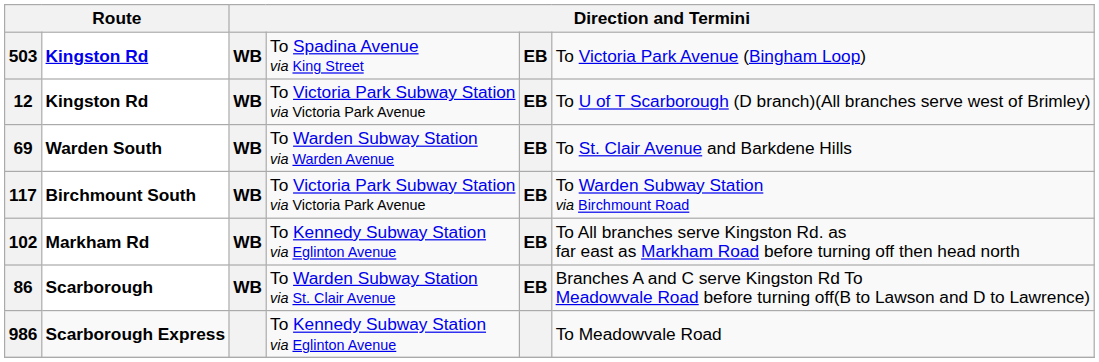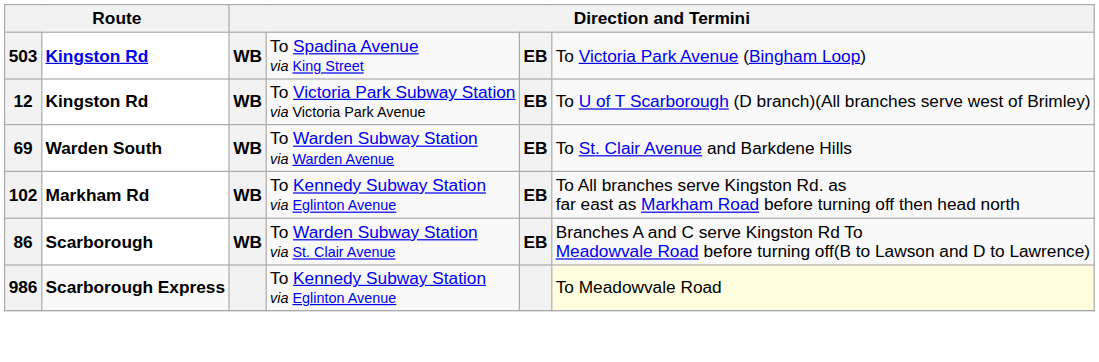 <table class=wikitable style="font-size: 90%;" |>
 <tr>
 <th colspan=2>Route</th>
 <th colspan=4>Direction and Termini</th>
 </tr>
 <tr>
 <th style="background:#"><div><strong>503</strong></div></th>
 <td style="background:white; color:black"><strong><a href='#'>Kingston Rd</a></strong></td>
 <th>WB</th>
 <td>To <a href='#'>Spadina Avenue</a><small><br><em>via</em> <a href='#'>King Street</a> </small></td>
 <th>EB</th>
 <td>To <a href='#'>Victoria Park Avenue</a> (<a href='#'>Bingham Loop</a>)</td>
 </tr>
 <tr>
 <th style="background:#"><div><strong>12</strong></div></th>
 <td style="background:white; color:black"><strong>Kingston Rd</strong></td>
 <th>WB</th>
 <td>To <a href='#'>Victoria Park Subway Station</a> <br><small><em>via</em> Victoria Park Avenue</small></td>
 <th>EB</th>
 <td>To <a href='#'>U of T Scarborough</a> (D branch)(All branches serve west of Brimley)</td>
 </tr>
 <tr>
 <th style="background:#"><div><strong>69</strong></div></th>
 <td style="background:white; color:black"><strong>Warden South</strong></td>
 <th>WB</th>
 <td>To <a href='#'>Warden Subway Station</a><small><br><em>via</em> <a href='#'>Warden Avenue</a></small></td>
 <th>EB</th>
 <td>To <a href='#'>St. Clair Avenue</a> and Barkdene Hills</td>
 </tr>
 <tr>
-<th style="background:#"><div><strong>117</strong></div></th>
-<td style="background:white; color:black"><strong>Birchmount South</strong></td>
-<th>WB</th>
-<td>To <a href='#'>Victoria Park Subway Station</a> <br><small><em>via</em> Victoria Park Avenue</small></td>
-<th>EB</th>
-<td>To <a href='#'>Warden Subway Station</a><small><br><em>via</em> <a href='#'>Birchmount Road</a></small></td>
-</tr>
-<tr>
 <th style="background:#"><div><strong>102</strong></div></th>
 <td style="background:white; color:black"><strong>Markham Rd</strong></td>
 <th>WB</th>
 <td>To <a href='#'>Kennedy Subway Station</a><br><small><em>via</em> <a href='#'>Eglinton Avenue</a></small></td>
 <th>EB</th>
 <td>To All branches serve Kingston Rd. as<br>far east as <a href='#'>Markham Road</a> before turning off then head north</td>
 </tr>
 <tr>
 <th style="background:#"><div><strong>86</strong></div></th>
 <td style="background:white; color:black"><strong>Scarborough</strong></td>
 <th>WB</th>
 <td>To <a href='#'>Warden Subway Station</a><small><br><em>via</em> <a href='#'>St. Clair Avenue</a></small></td>
 <th>EB</th>
 <td>Branches A and C serve Kingston Rd To<br><a href='#'>Meadowvale Road</a> before turning off(B to Lawson and D to Lawrence)</td>
 </tr>
 <tr>
 <th style="background:#"><div><strong>986</strong></div></th>
 <td><strong>Scarborough Express</strong></td>
 <th></th>
 <td>To <a href='#'>Kennedy Subway Station</a><br><small><em>via</em> <a href='#'>Eglinton Avenue</a></small></td>
 <th></th>
-<td>To Meadowvale Road</td>
+<td style="background: lightyellow;">To Meadowvale Road</td>
 </tr>
 <tr>
 </tr>
 </table>
